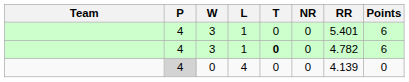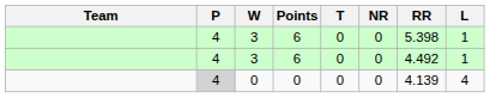 <table class="wikitable" style="text-align: center;">
 <tr>
 <th style="width:40%;">Team</th>
 <th style="width:8%;">P</th>
 <th style="width:8%;">W</th>
-<th style="width:8%;">L</th>
+<th style="width:10%;">Points</th>
 <th style="width:8%;">T</th>
 <th style="width:8%;">NR</th>
 <th style="width:10%;">RR</th>
-<th style="width:10%;">Points</th>
+<th style="width:8%;">L</th>
 </tr>
 <tr style="background:#cfc;">
 <td align=left></td>
 <td>4</td>
 <td>3</td>
-<td>1</td>
+<td>6</td>
 <td>0</td>
 <td>0</td>
-<td>5.401</td>
-<td>6</td>
+<td>5.398</td>
+<td>1</td>
 </tr>
 <tr style="background:#cfc;">
 <td align=left></td>
 <td>4</td>
 <td>3</td>
+<td>6</td>
+<td>0</td>
+<td>0</td>
+<td>4.492</td>
 <td>1</td>
-<td><strong>0</strong></td>
-<td>0</td>
-<td>4.782</td>
-<td>6</td>
 </tr>
 <tr>
 <td align=left></td>
 <td style="background: lightgrey;">4</td>
 <td>0</td>
-<td>4</td>
+<td>0</td>
 <td>0</td>
 <td>0</td>
 <td>4.139</td>
-<td>0</td>
+<td>4</td>
 </tr>
 </table>
